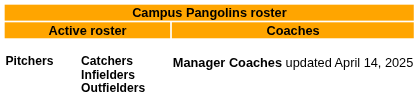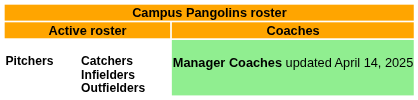 <table class="toccolours" style="font-size: 95%;">
 <tr>
 <th colspan="10" style="background-color: orange;color:black;text-align:center;">Campus Pangolins roster</th>
 </tr>
 <tr>
 <td colspan="4" style="background-color: orange; color: black; text-align: center;"><strong>Active roster</strong></td>
 <td colspan="1" style="background-color: orange; color: black; text-align: center;"><strong>Coaches</strong></td>
 </tr>
 <tr>
 <td style="font-size: 95%;vertical-align:top;"><br><strong>Pitchers</strong>    </td>
 <td width="25px"></td>
 <td style="font-size: 95%;vertical-align:top;"><br><strong>Catchers</strong> <br><strong>Infielders</strong>        <br><strong>Outfielders</strong>    </td>
 <td width="25px"></td>
-<td style="vertical-align:top;"><br><strong>Manager</strong>  <strong>Coaches</strong>     updated April 14, 2025</td>
+<td style="background: lightgreen; vertical-align:top;"><br><strong>Manager</strong>  <strong>Coaches</strong>     updated April 14, 2025</td>
 </tr>
 </table>
